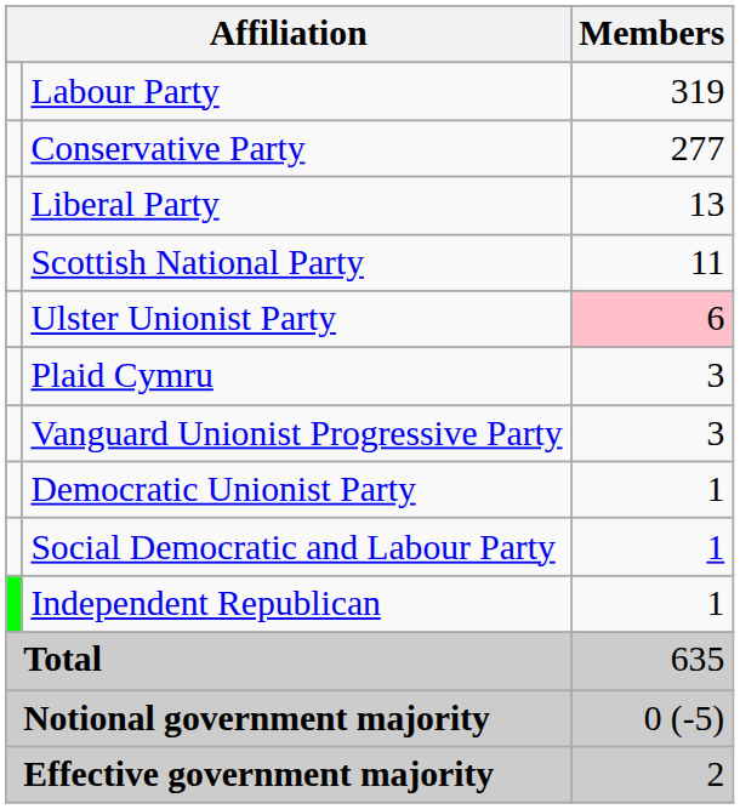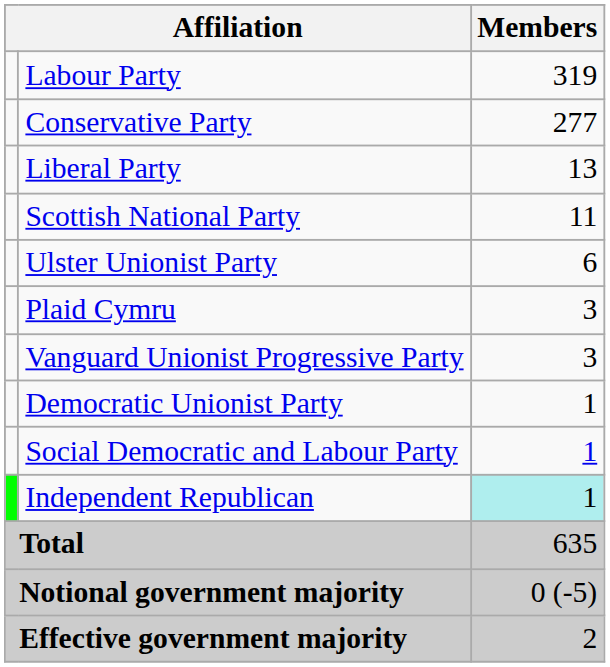 <table class="wikitable sortable">
 <tr>
 <th colspan="2">Affiliation</th>
 <th>Members</th>
 </tr>
 <tr>
 <td style="color:inherit;background:"></td>
 <td><a href='#'>Labour Party</a></td>
 <td align="right">319</td>
 </tr>
 <tr>
 <td style="color:inherit;background:"></td>
 <td><a href='#'>Conservative Party</a></td>
 <td align="right">277</td>
 </tr>
 <tr>
 <td style="color:inherit;background:"></td>
 <td><a href='#'>Liberal Party</a></td>
 <td align="right">13</td>
 </tr>
 <tr>
 <td style="color:inherit;background:"></td>
 <td><a href='#'>Scottish National Party</a></td>
 <td align="right">11</td>
 </tr>
 <tr>
 <td style="color:inherit;background:"></td>
 <td><a href='#'>Ulster Unionist Party</a></td>
-<td align="right" style="background: pink;">6</td>
+<td align="right">6</td>
 </tr>
 <tr>
 <td style="color:inherit;background:"></td>
 <td><a href='#'>Plaid Cymru</a></td>
 <td align="right">3</td>
 </tr>
 <tr>
 <td style="color:inherit;background:"></td>
 <td><a href='#'>Vanguard Unionist Progressive Party</a></td>
 <td align="right">3</td>
 </tr>
 <tr>
 <td style="color:inherit;background:"></td>
 <td><a href='#'>Democratic Unionist Party</a></td>
 <td align="right">1</td>
 </tr>
 <tr>
 <td style="color:inherit;background:"></td>
 <td><a href='#'>Social Democratic and Labour Party</a></td>
 <td align="right"><a href='#'>1</a></td>
 </tr>
 <tr>
 <td bgcolor="00FF00"></td>
 <td><a href='#'>Independent Republican</a></td>
-<td align="right">1</td>
+<td align="right" style="background: paleturquoise;">1</td>
 </tr>
 <tr bgcolor="CCCCCC">
 <td colspan="2" rowspan="1"> <strong>Total</strong></td>
 <td align="right">635</td>
 </tr>
 <tr bgcolor="CCCCCC">
 <td colspan="2" rowspan="1"> <strong>Notional government majority</strong></td>
 <td align="right">0 (-5)</td>
 </tr>
 <tr bgcolor="CCCCCC">
 <td colspan="2" rowspan="1"> <strong>Effective government majority</strong></td>
 <td align="right">2</td>
 </tr>
 </table>
